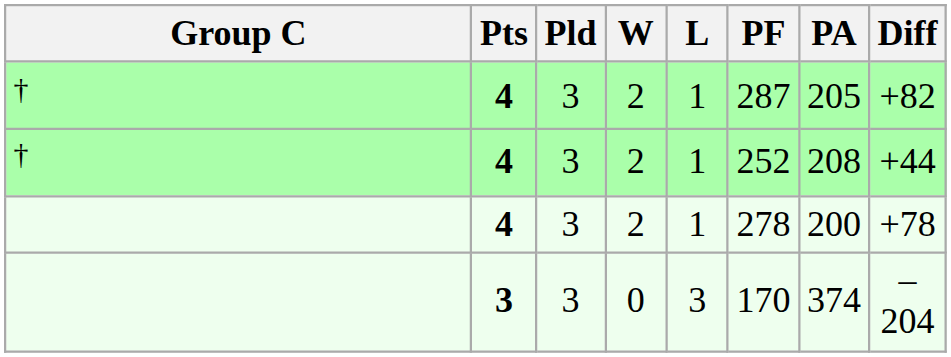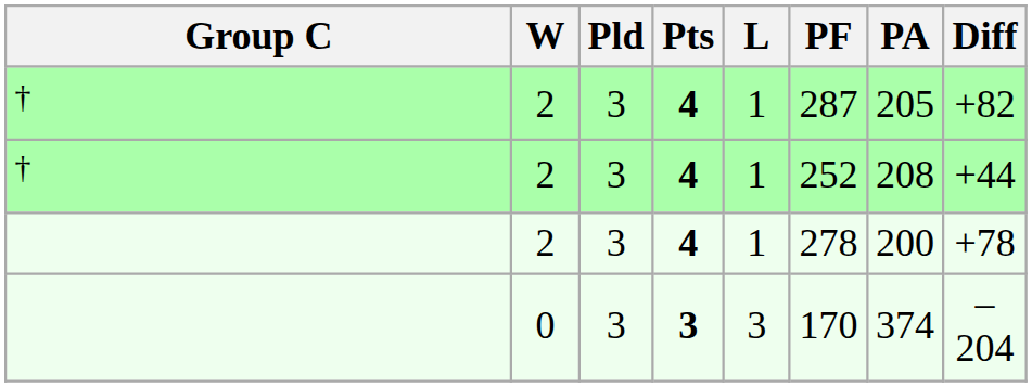 <table class=wikitable style="text-align:center">
 <tr>
 <th width=200>Group C</th>
+<th width=20>W</th>
+<th width=20>Pld</th>
 <th width=20>Pts</th>
-<th width=20>Pld</th>
-<th width=20>W</th>
 <th width=20>L</th>
 <th width=20>PF</th>
 <th width=20>PA</th>
 <th width=20>Diff</th>
 </tr>
 <tr style="background:#aaffaa">
 <td align=left><sup>†</sup></td>
+<td>2</td>
+<td>3</td>
 <td><strong>4</strong></td>
-<td>3</td>
-<td>2</td>
 <td>1</td>
 <td>287</td>
 <td>205</td>
 <td>+82</td>
 </tr>
 <tr style="background:#aaffaa">
 <td align=left><sup>†</sup></td>
+<td>2</td>
+<td>3</td>
 <td><strong>4</strong></td>
-<td>3</td>
-<td>2</td>
 <td>1</td>
 <td>252</td>
 <td>208</td>
 <td>+44</td>
 </tr>
 <tr style="background:#eeffee">
 <td align=left></td>
+<td>2</td>
+<td>3</td>
 <td><strong>4</strong></td>
-<td>3</td>
-<td>2</td>
 <td>1</td>
 <td>278</td>
 <td>200</td>
 <td>+78</td>
 </tr>
 <tr style="background:#eeffee">
 <td align=left></td>
+<td>0</td>
+<td>3</td>
 <td><strong>3</strong></td>
-<td>3</td>
-<td>0</td>
 <td>3</td>
 <td>170</td>
 <td>374</td>
 <td>–204</td>
 </tr>
 </table>
